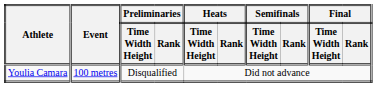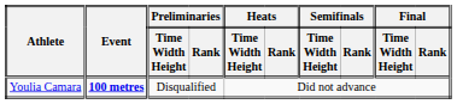 <table class=wikitable style="font-size:90%; border: double;">
 <tr>
 <th rowspan="2" style="border-right:double">Athlete</th>
 <th rowspan="2" style="border-right:double">Event</th>
 <th colspan="2" style="border-right:double; border-bottom:double;">Preliminaries</th>
 <th colspan="2" style="border-right:double; border-bottom:double;">Heats</th>
 <th colspan="2" style="border-right:double; border-bottom:double;">Semifinals</th>
 <th colspan="2" style="border-right:double; border-bottom:double;">Final</th>
 </tr>
 <tr>
 <th>Time<br>Width<br>Height</th>
 <th style="border-right:double">Rank</th>
 <th>Time<br>Width<br>Height</th>
 <th style="border-right:double">Rank</th>
 <th>Time<br>Width<br>Height</th>
 <th style="border-right:double">Rank</th>
 <th>Time<br>Width<br>Height</th>
 <th style="border-right:double">Rank</th>
 </tr>
 <tr style="border-top: double;">
 <td style="border-right:double"><a href='#'>Youlia Camara</a></td>
-<td style="border-right:double"><a href='#'>100 metres</a></td>
+<td style="border-right:double"><strong><a href='#'>100 metres</a></strong></td>
 <td align=center colspan=2>Disqualified</td>
 <td colspan=6 align=center>Did not advance</td>
 </tr>
 </table>
